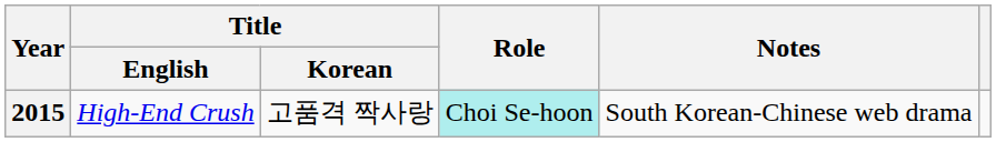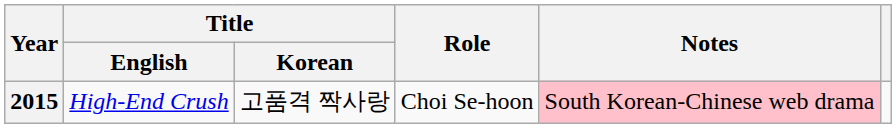 <table class="wikitable sortable plainrowheaders">
 <tr>
 <th scope="col" rowspan="2">Year</th>
 <th scope="col" colspan="2">Title</th>
 <th scope="col" rowspan="2">Role</th>
 <th scope="col" rowspan="2" class="unsortable">Notes</th>
 <th scope="col" rowspan="2" class="unsortable"></th>
 </tr>
 <tr>
 <th>English</th>
 <th>Korean</th>
 </tr>
 <tr>
 <th scope="row">2015</th>
 <td><em><a href='#'>High-End Crush</a></em></td>
 <td>고품격 짝사랑</td>
-<td style="background: paleturquoise;">Choi Se-hoon</td>
-<td>South Korean-Chinese web drama</td>
+<td>Choi Se-hoon</td>
+<td style="background: pink;">South Korean-Chinese web drama</td>
 <td></td>
 </tr>
 </table>
